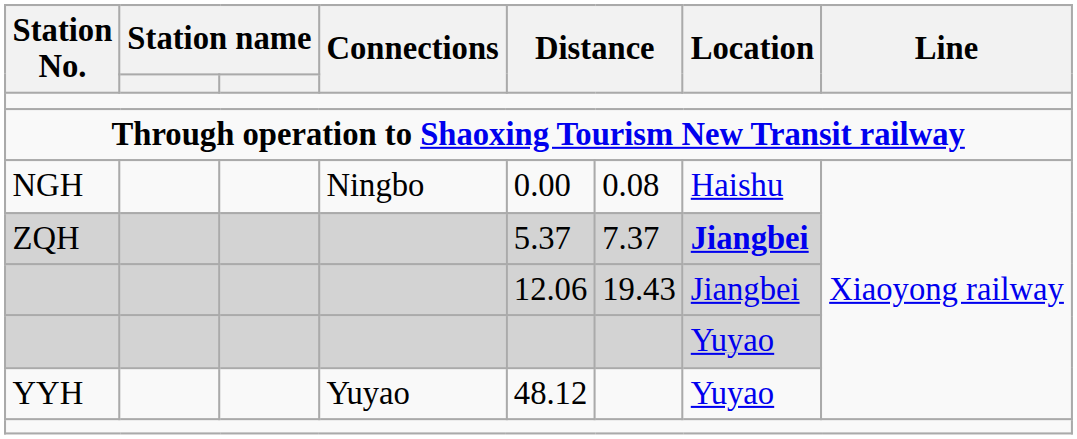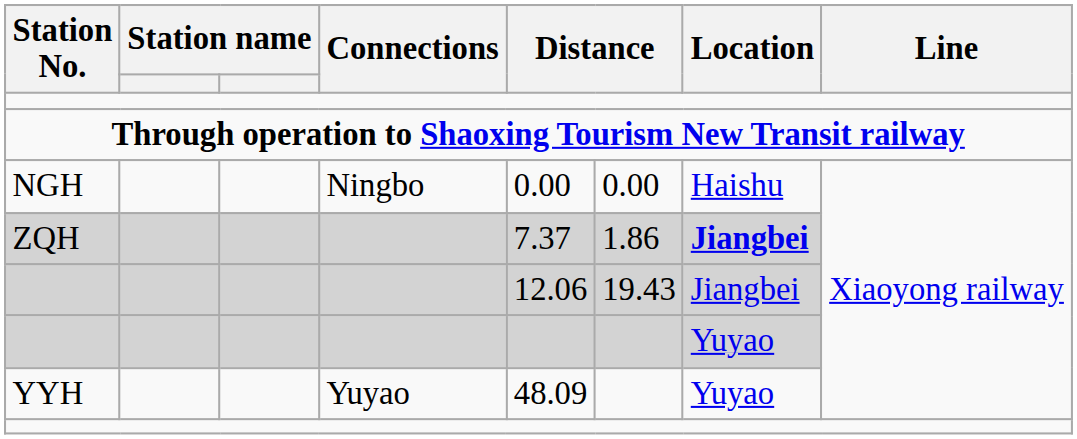 <table class="wikitable">
 <tr>
 <th rowspan="2">Station<br>No.</th>
 <th colspan="2">Station name</th>
 <th rowspan="2">Connections</th>
 <th colspan="2" rowspan="2">Distance<br></th>
 <th rowspan="2">Location</th>
 <th rowspan="2">Line</th>
 </tr>
 <tr>
 <th></th>
 <th></th>
 </tr>
 <tr style="background:#">
 <td colspan = "8"></td>
 </tr>
 <tr>
 <td colspan="8" align="center"><strong>Through operation to <a href='#'>Shaoxing Tourism New Transit railway</a></strong></td>
 </tr>
 <tr>
 <td>NGH</td>
 <td></td>
 <td></td>
 <td>    Ningbo</td>
 <td>0.00</td>
-<td>0.08</td>
+<td>0.00</td>
 <td><a href='#'>Haishu</a></td>
 <td rowspan="5"><a href='#'>Xiaoyong railway</a></td>
 </tr>
 <tr bgcolor="lightgrey">
 <td>ZQH</td>
 <td><em></em></td>
 <td></td>
 <td> </td>
-<td>5.37</td>
 <td>7.37</td>
+<td>1.86</td>
 <td><strong><a href='#'>Jiangbei</a></strong></td>
 </tr>
 <tr bgcolor="lightgrey">
 <td></td>
 <td><em></em></td>
 <td></td>
 <td> </td>
 <td>12.06</td>
 <td>19.43</td>
 <td><a href='#'>Jiangbei</a></td>
 </tr>
 <tr>
 <td bgcolor="lightgrey"></td>
 <td bgcolor="lightgrey"><em></em></td>
 <td bgcolor="lightgrey"></td>
 <td bgcolor="lightgrey"></td>
 <td bgcolor="lightgrey"></td>
 <td bgcolor="lightgrey"></td>
 <td bgcolor="lightgrey"><a href='#'>Yuyao</a></td>
 </tr>
 <tr>
 <td>YYH</td>
 <td></td>
 <td></td>
 <td> Yuyao</td>
-<td>48.12</td>
+<td>48.09</td>
 <td></td>
 <td><a href='#'>Yuyao</a></td>
 </tr>
 <tr style="background:#">
 <td colspan = "8"></td>
 </tr>
 </table>
